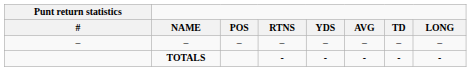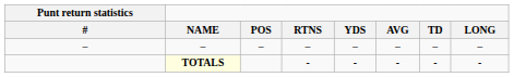 <table style="width:60%; text-align:center;" class="wikitable collapsible collapsed">
 <tr>
 <th style="text-align:center; ">Punt return statistics</th>
 </tr>
 <tr>
 <th>#</th>
 <th>NAME</th>
 <th>POS</th>
 <th>RTNS</th>
 <th>YDS</th>
 <th>AVG</th>
 <th>TD</th>
 <th>LONG</th>
 </tr>
 <tr>
 <td>–</td>
 <td>–</td>
 <td>–</td>
 <td>–</td>
 <td>–</td>
 <td>–</td>
 <td>–</td>
 <td>–</td>
 </tr>
 <tr>
 <td></td>
-<td><strong>TOTALS</strong></td>
+<td style="background: lightyellow;"><strong>TOTALS</strong></td>
 <td></td>
 <td><strong>-</strong></td>
 <td><strong>-</strong></td>
 <td><strong>-</strong></td>
 <td><strong>-</strong></td>
 <td><strong>-</strong></td>
 </tr>
 </table>
